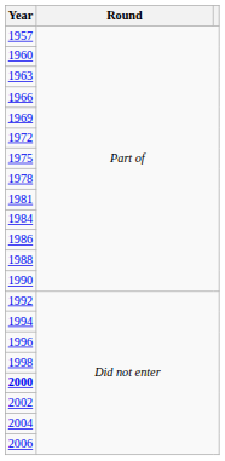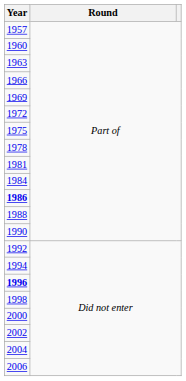 <table class="wikitable" style="text-align: center; font-size:90%">
 <tr>
 <th>Year</th>
 <th style="width:200px">Round</th>
 <th></th>
 </tr>
 <tr>
 <td><a href='#'>1957</a></td>
 <td colspan="2" rowspan="13"><em>Part of </em></td>
 </tr>
 <tr>
 <td><a href='#'>1960</a></td>
 </tr>
 <tr>
 <td><a href='#'>1963</a></td>
 </tr>
 <tr>
 <td><a href='#'>1966</a></td>
 </tr>
 <tr>
 <td><a href='#'>1969</a></td>
 </tr>
 <tr>
 <td><a href='#'>1972</a></td>
 </tr>
 <tr>
 <td><a href='#'>1975</a></td>
 </tr>
 <tr>
 <td><a href='#'>1978</a></td>
 </tr>
 <tr>
 <td><a href='#'>1981</a></td>
 </tr>
 <tr>
 <td><a href='#'>1984</a></td>
 </tr>
 <tr>
-<td><a href='#'>1986</a></td>
+<td><strong><a href='#'>1986</a></strong></td>
 </tr>
 <tr>
 <td><a href='#'>1988</a></td>
 </tr>
 <tr>
 <td><a href='#'>1990</a></td>
 </tr>
 <tr>
 <td><a href='#'>1992</a></td>
 <td colspan="2" rowspan="8"><em>Did not enter</em></td>
 </tr>
 <tr>
 <td><a href='#'>1994</a></td>
 </tr>
 <tr>
-<td><a href='#'>1996</a></td>
+<td><strong><a href='#'>1996</a></strong></td>
 </tr>
 <tr>
 <td><a href='#'>1998</a></td>
 </tr>
 <tr>
-<td><strong><a href='#'>2000</a></strong></td>
+<td><a href='#'>2000</a></td>
 </tr>
 <tr>
 <td><a href='#'>2002</a></td>
 </tr>
 <tr>
 <td><a href='#'>2004</a></td>
 </tr>
 <tr>
 <td><a href='#'>2006</a></td>
 </tr>
 </table>
